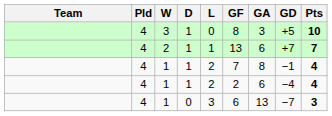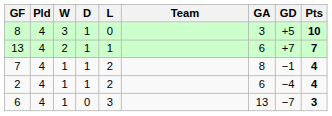 <table class="wikitable" style="text-align: center;">
 <tr>
-<th width="175">Team</th>
+<th width="30">GF</th>
 <th width="25">Pld</th>
 <th width="25">W</th>
 <th width="25">D</th>
 <th width="25">L</th>
-<th width="30">GF</th>
+<th width="175">Team</th>
 <th width="30">GA</th>
 <th width="30">GD</th>
 <th width="30">Pts</th>
 </tr>
 <tr bgcolor="#ccffcc">
-<td align=left></td>
+<td>8</td>
 <td>4</td>
 <td>3</td>
 <td>1</td>
 <td>0</td>
-<td>8</td>
+<td align=left></td>
 <td>3</td>
 <td>+5</td>
 <td><strong>10</strong></td>
 </tr>
 <tr bgcolor="#ccffcc">
-<td align=left></td>
+<td>13</td>
 <td>4</td>
 <td>2</td>
 <td>1</td>
 <td>1</td>
-<td>13</td>
+<td align=left></td>
 <td>6</td>
 <td>+7</td>
 <td><strong>7</strong></td>
 </tr>
 <tr>
-<td align=left></td>
+<td>7</td>
 <td>4</td>
 <td>1</td>
 <td>1</td>
 <td>2</td>
-<td>7</td>
+<td align=left></td>
 <td>8</td>
 <td>−1</td>
 <td><strong>4</strong></td>
 </tr>
 <tr>
-<td align=left></td>
+<td>2</td>
 <td>4</td>
 <td>1</td>
 <td>1</td>
 <td>2</td>
-<td>2</td>
+<td align=left></td>
 <td>6</td>
 <td>−4</td>
 <td><strong>4</strong></td>
 </tr>
 <tr>
-<td align=left></td>
+<td>6</td>
 <td>4</td>
 <td>1</td>
 <td>0</td>
 <td>3</td>
-<td>6</td>
+<td align=left></td>
 <td>13</td>
 <td>−7</td>
 <td><strong>3</strong></td>
 </tr>
 </table>
